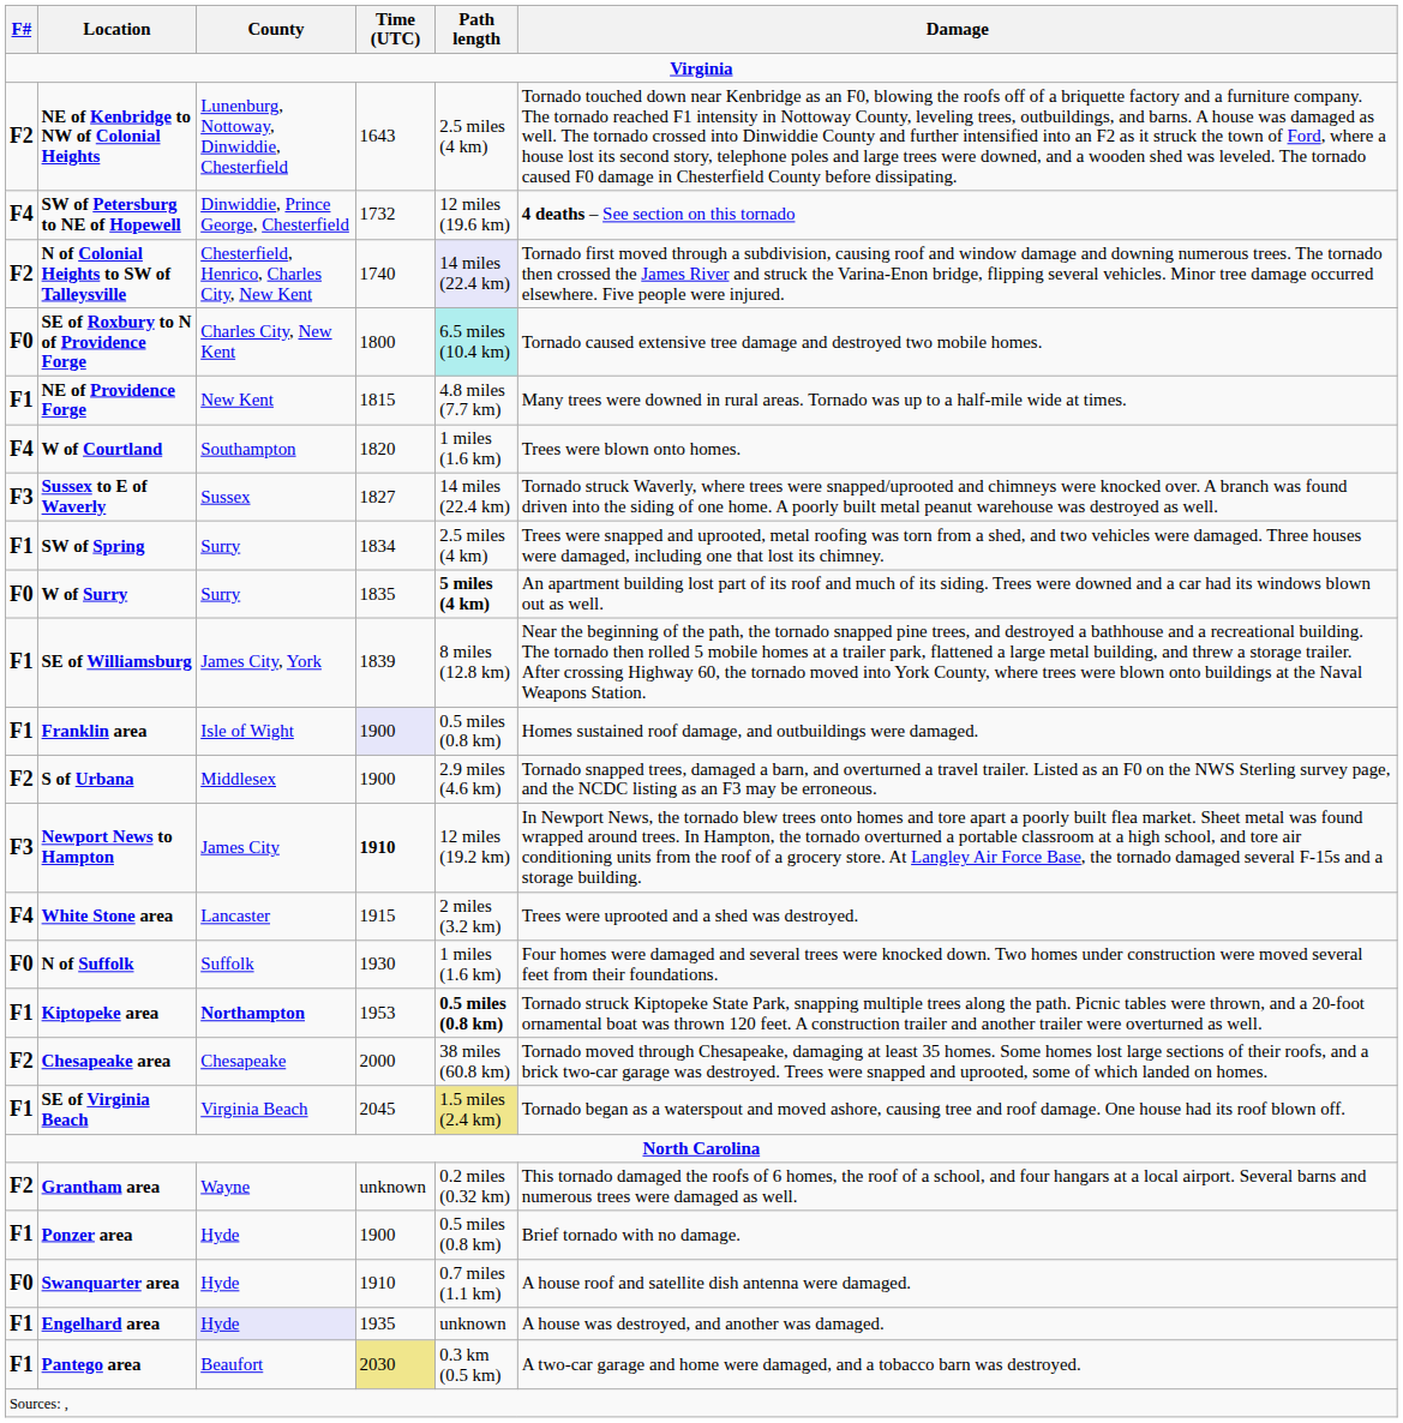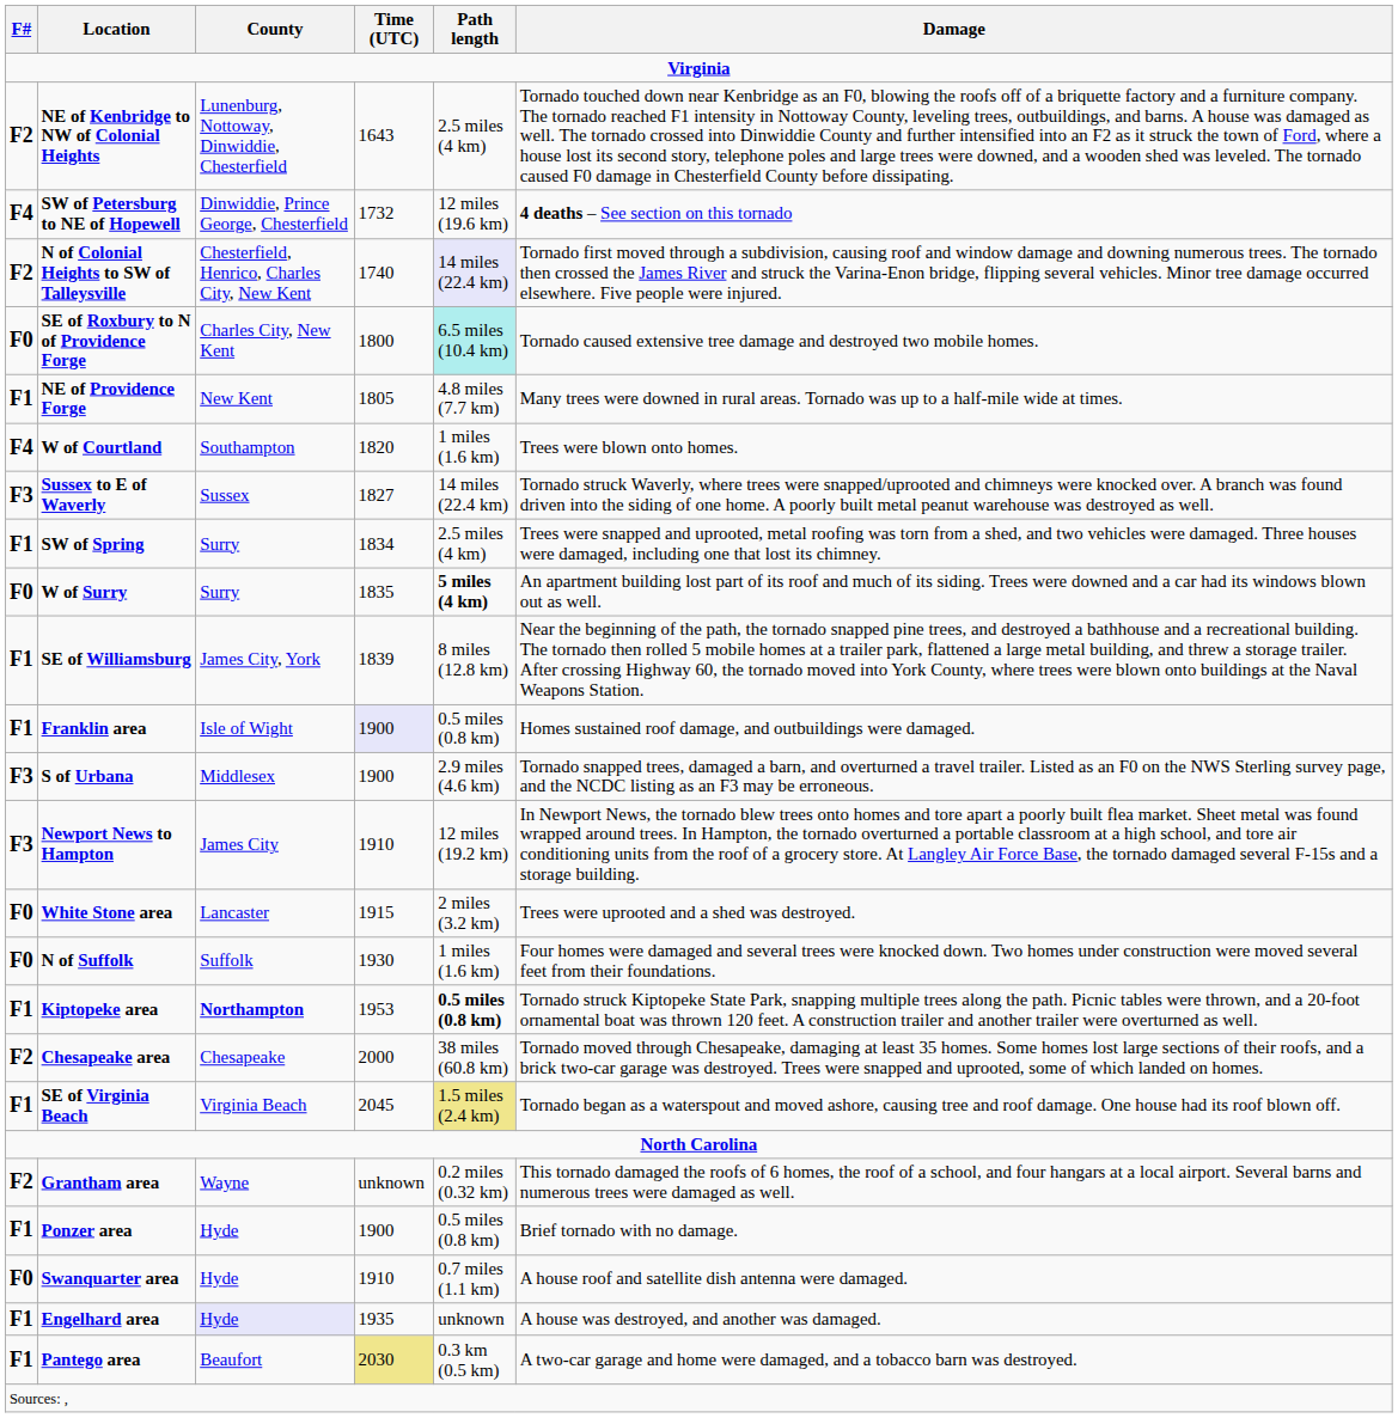 <table class="wikitable">
 <tr>
 <th><strong><a href='#'>F#</a></strong></th>
 <th><strong>Location</strong></th>
 <th><strong>County</strong></th>
 <th><strong>Time (UTC)</strong></th>
 <th><strong>Path length</strong></th>
 <th><strong>Damage</strong></th>
 </tr>
 <tr>
 <td colspan="7" align=center><strong><a href='#'>Virginia</a></strong></td>
 </tr>
 <tr>
 <td><big><strong>F2</strong></big></td>
 <td><strong>NE of <a href='#'>Kenbridge</a> to NW of <a href='#'>Colonial Heights</a></strong></td>
 <td><a href='#'>Lunenburg</a>, <a href='#'>Nottoway</a>, <a href='#'>Dinwiddie</a>, <a href='#'>Chesterfield</a></td>
 <td>1643</td>
 <td>2.5 miles<br>(4 km)</td>
 <td>Tornado touched down near Kenbridge as an F0, blowing the roofs off of a briquette factory and a furniture company. The tornado reached F1 intensity in Nottoway County, leveling trees, outbuildings, and barns. A house was damaged as well. The tornado crossed into Dinwiddie County and further intensified into an F2 as it struck the town of <a href='#'>Ford</a>, where a house lost its second story, telephone poles and large trees were downed, and a wooden shed was leveled. The tornado caused F0 damage in Chesterfield County before dissipating.</td>
 </tr>
 <tr>
 <td><big><strong>F4</strong></big></td>
 <td><strong>SW of <a href='#'>Petersburg</a> to NE of <a href='#'>Hopewell</a></strong></td>
 <td><a href='#'>Dinwiddie</a>, <a href='#'>Prince George</a>, <a href='#'>Chesterfield</a></td>
 <td>1732</td>
 <td>12 miles<br>(19.6 km)</td>
 <td><strong>4 deaths</strong> – <a href='#'>See section on this tornado</a></td>
 </tr>
 <tr>
 <td><big><strong>F2</strong></big></td>
 <td><strong>N of <a href='#'>Colonial Heights</a> to SW of <a href='#'>Talleysville</a></strong></td>
 <td><a href='#'>Chesterfield</a>, <a href='#'>Henrico</a>, <a href='#'>Charles City</a>, <a href='#'>New Kent</a></td>
 <td>1740</td>
 <td style="background: lavender;">14 miles<br>(22.4 km)</td>
 <td>Tornado first moved through a subdivision, causing roof and window damage and downing numerous trees. The tornado then crossed the <a href='#'>James River</a> and struck the Varina-Enon bridge, flipping several vehicles. Minor tree damage occurred elsewhere. Five people were injured.</td>
 </tr>
 <tr>
 <td><big><strong>F0</strong></big></td>
 <td><strong>SE of <a href='#'>Roxbury</a> to N of <a href='#'>Providence Forge</a></strong></td>
 <td><a href='#'>Charles City</a>, <a href='#'>New Kent</a></td>
 <td>1800</td>
 <td style="background: paleturquoise;">6.5 miles<br>(10.4 km)</td>
 <td>Tornado caused extensive tree damage and destroyed two mobile homes.</td>
 </tr>
 <tr>
 <td><big><strong>F1</strong></big></td>
 <td><strong>NE of <a href='#'>Providence Forge</a></strong></td>
 <td><a href='#'>New Kent</a></td>
-<td>1815</td>
+<td>1805</td>
 <td>4.8 miles<br>(7.7 km)</td>
 <td>Many trees were downed in rural areas. Tornado was up to a half-mile wide at times.</td>
 </tr>
 <tr>
 <td><big><strong>F4</strong></big></td>
 <td><strong>W of <a href='#'>Courtland</a></strong></td>
 <td><a href='#'>Southampton</a></td>
 <td>1820</td>
 <td>1 miles<br>(1.6 km)</td>
 <td>Trees were blown onto homes.</td>
 </tr>
 <tr>
 <td><big><strong>F3</strong></big></td>
 <td><strong><a href='#'>Sussex</a> to E of <a href='#'>Waverly</a></strong></td>
 <td><a href='#'>Sussex</a></td>
 <td>1827</td>
 <td>14 miles<br>(22.4 km)</td>
 <td>Tornado struck Waverly, where trees were snapped/uprooted and chimneys were knocked over. A branch was found driven into the siding of one home. A poorly built metal peanut warehouse was destroyed as well.</td>
 </tr>
 <tr>
 <td><big><strong>F1</strong></big></td>
 <td><strong>SW of <a href='#'>Spring</a></strong></td>
 <td><a href='#'>Surry</a></td>
 <td>1834</td>
 <td>2.5 miles<br>(4 km)</td>
 <td>Trees were snapped and uprooted, metal roofing was torn from a shed, and two vehicles were damaged. Three houses were damaged, including one that lost its chimney.</td>
 </tr>
 <tr>
 <td><big><strong>F0</strong></big></td>
 <td><strong>W of <a href='#'>Surry</a></strong></td>
 <td><a href='#'>Surry</a></td>
 <td>1835</td>
 <td><strong>5 miles<br>(4 km)</strong></td>
 <td>An apartment building lost part of its roof and much of its siding. Trees were downed and a car had its windows blown out as well.</td>
 </tr>
 <tr>
 <td><big><strong>F1</strong></big></td>
 <td><strong>SE of <a href='#'>Williamsburg</a></strong></td>
 <td><a href='#'>James City</a>, <a href='#'>York</a></td>
 <td>1839</td>
 <td>8 miles<br>(12.8 km)</td>
 <td>Near the beginning of the path, the tornado snapped pine trees, and destroyed a bathhouse and a recreational building. The tornado then rolled 5 mobile homes at a trailer park, flattened a large metal building, and threw a storage trailer. After crossing Highway 60, the tornado moved into York County, where trees were blown onto buildings at the Naval Weapons Station.</td>
 </tr>
 <tr>
 <td><big><strong>F1</strong></big></td>
 <td><strong><a href='#'>Franklin</a> area</strong></td>
 <td><a href='#'>Isle of Wight</a></td>
 <td style="background: lavender;">1900</td>
 <td>0.5 miles<br>(0.8 km)</td>
 <td>Homes sustained roof damage, and outbuildings were damaged.</td>
 </tr>
 <tr>
-<td><big><strong>F2</strong></big></td>
+<td><big><strong>F3</strong></big></td>
 <td><strong>S of <a href='#'>Urbana</a></strong></td>
 <td><a href='#'>Middlesex</a></td>
 <td>1900</td>
 <td>2.9 miles<br>(4.6 km)</td>
 <td>Tornado snapped trees, damaged a barn, and overturned a travel trailer. Listed as an F0 on the NWS Sterling survey page, and the NCDC listing as an F3 may be erroneous.</td>
 </tr>
 <tr>
 <td><big><strong>F3</strong></big></td>
 <td><strong><a href='#'>Newport News</a> to <a href='#'>Hampton</a></strong></td>
 <td><a href='#'>James City</a></td>
-<td><strong>1910</strong></td>
+<td>1910</td>
 <td>12 miles<br>(19.2 km)</td>
 <td>In Newport News, the tornado blew trees onto homes and tore apart a poorly built flea market. Sheet metal was found wrapped around trees. In Hampton, the tornado overturned a portable classroom at a high school, and tore air conditioning units from the roof of a grocery store. At <a href='#'>Langley Air Force Base</a>, the tornado damaged several F-15s and a storage building.</td>
 </tr>
 <tr>
-<td><big><strong>F4</strong></big></td>
+<td><big><strong>F0</strong></big></td>
 <td><strong><a href='#'>White Stone</a> area</strong></td>
 <td><a href='#'>Lancaster</a></td>
 <td>1915</td>
 <td>2 miles<br>(3.2 km)</td>
 <td>Trees were uprooted and a shed was destroyed.</td>
 </tr>
 <tr>
 <td><big><strong>F0</strong></big></td>
 <td><strong>N of <a href='#'>Suffolk</a></strong></td>
 <td><a href='#'>Suffolk</a></td>
 <td>1930</td>
 <td>1 miles<br>(1.6 km)</td>
 <td>Four homes were damaged and several trees were knocked down. Two homes under construction were moved several feet from their foundations.</td>
 </tr>
 <tr>
 <td><big><strong>F1</strong></big></td>
 <td><strong><a href='#'>Kiptopeke</a> area</strong></td>
 <td><strong><a href='#'>Northampton</a></strong></td>
 <td>1953</td>
 <td><strong>0.5 miles<br>(0.8 km)</strong></td>
 <td>Tornado struck Kiptopeke State Park, snapping multiple trees along the path. Picnic tables were thrown, and a 20-foot ornamental boat was thrown 120 feet. A construction trailer and another trailer were overturned as well.</td>
 </tr>
 <tr>
 <td><big><strong>F2</strong></big></td>
 <td><strong><a href='#'>Chesapeake</a> area</strong></td>
 <td><a href='#'>Chesapeake</a></td>
 <td>2000</td>
 <td>38 miles<br>(60.8 km)</td>
 <td>Tornado moved through Chesapeake, damaging at least 35 homes. Some homes lost large sections of their roofs, and a brick two-car garage was destroyed. Trees were snapped and uprooted, some of which landed on homes.</td>
 </tr>
 <tr>
 <td><big><strong>F1</strong></big></td>
 <td><strong>SE of <a href='#'>Virginia Beach</a></strong></td>
 <td><a href='#'>Virginia Beach</a></td>
 <td>2045</td>
 <td style="background: khaki;">1.5 miles<br>(2.4 km)</td>
 <td>Tornado began as a waterspout and moved ashore, causing tree and roof damage. One house had its roof blown off.</td>
 </tr>
 <tr>
 <td colspan="7" align=center><strong><a href='#'>North Carolina</a></strong></td>
 </tr>
 <tr>
 <td><big><strong>F2</strong></big></td>
 <td><strong><a href='#'>Grantham</a> area</strong></td>
 <td><a href='#'>Wayne</a></td>
 <td>unknown</td>
 <td>0.2 miles<br>(0.32 km)</td>
 <td>This tornado damaged the roofs of 6 homes, the roof of a school, and four hangars at a local airport. Several barns and numerous trees were damaged as well.</td>
 </tr>
 <tr>
 <td><big><strong>F1</strong></big></td>
 <td><strong><a href='#'>Ponzer</a> area</strong></td>
 <td><a href='#'>Hyde</a></td>
 <td>1900</td>
 <td>0.5 miles<br>(0.8 km)</td>
 <td>Brief tornado with no damage.</td>
 </tr>
 <tr>
 <td><big><strong>F0</strong></big></td>
 <td><strong><a href='#'>Swanquarter</a> area</strong></td>
 <td><a href='#'>Hyde</a></td>
 <td>1910</td>
 <td>0.7 miles<br>(1.1 km)</td>
 <td>A house roof and satellite dish antenna were damaged.</td>
 </tr>
 <tr>
 <td><big><strong>F1</strong></big></td>
 <td><strong><a href='#'>Engelhard</a> area</strong></td>
 <td style="background: lavender;"><a href='#'>Hyde</a></td>
 <td>1935</td>
 <td>unknown</td>
 <td>A house was destroyed, and another was damaged.</td>
 </tr>
 <tr>
 <td><big><strong>F1</strong></big></td>
 <td><strong><a href='#'>Pantego</a> area</strong></td>
 <td><a href='#'>Beaufort</a></td>
 <td style="background: khaki;">2030</td>
 <td>0.3 km<br>(0.5 km)</td>
 <td>A two-car garage and home were damaged, and a tobacco barn was destroyed.</td>
 </tr>
 <tr>
 <td colspan="7"><small>Sources: ,  </small></td>
 </tr>
 </table>
